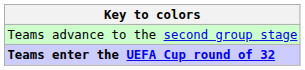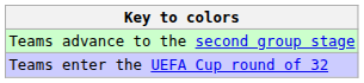 <table class="wikitable">
 <tr>
 <th>Key to colors</th>
 </tr>
 <tr bgcolor=#ccffcc>
 <td>Teams advance to the <a href='#'>second group stage</a></td>
 </tr>
 <tr bgcolor=#ccccff>
-<td><strong>Teams enter the <a href='#'>UEFA Cup round of 32</a></strong></td>
+<td>Teams enter the <a href='#'>UEFA Cup round of 32</a></td>
 </tr>
 </table>
